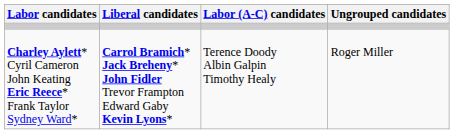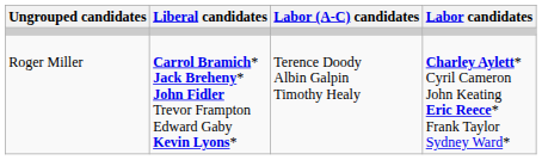 <table class="wikitable">
 <tr>
-<th><a href='#'>Labor</a> candidates</th>
+<th>Ungrouped candidates</th>
 <th><a href='#'>Liberal</a> candidates</th>
 <th><a href='#'>Labor (A-C)</a> candidates</th>
-<th>Ungrouped candidates</th>
+<th><a href='#'>Labor</a> candidates</th>
 </tr>
 <tr bgcolor="#cccccc">
 <td></td>
 <td></td>
 <td></td>
 <td></td>
 </tr>
 <tr>
-<td><br><strong><a href='#'>Charley Aylett</a></strong>*<br> Cyril Cameron<br> John Keating<br> <strong><a href='#'>Eric Reece</a></strong>*<br> Frank Taylor<br> <a href='#'>Sydney Ward</a>*</td>
+<td valign=top><br>Roger Miller</td>
 <td><br><strong><a href='#'>Carrol Bramich</a></strong>*<br> <strong><a href='#'>Jack Breheny</a></strong>*<br> <strong><a href='#'>John Fidler</a></strong><br> Trevor Frampton<br> Edward Gaby<br> <strong><a href='#'>Kevin Lyons</a></strong>*</td>
 <td valign=top><br>Terence Doody<br> Albin Galpin<br> Timothy Healy</td>
-<td valign=top><br>Roger Miller</td>
+<td><br><strong><a href='#'>Charley Aylett</a></strong>*<br> Cyril Cameron<br> John Keating<br> <strong><a href='#'>Eric Reece</a></strong>*<br> Frank Taylor<br> <a href='#'>Sydney Ward</a>*</td>
 </tr>
 </table>
